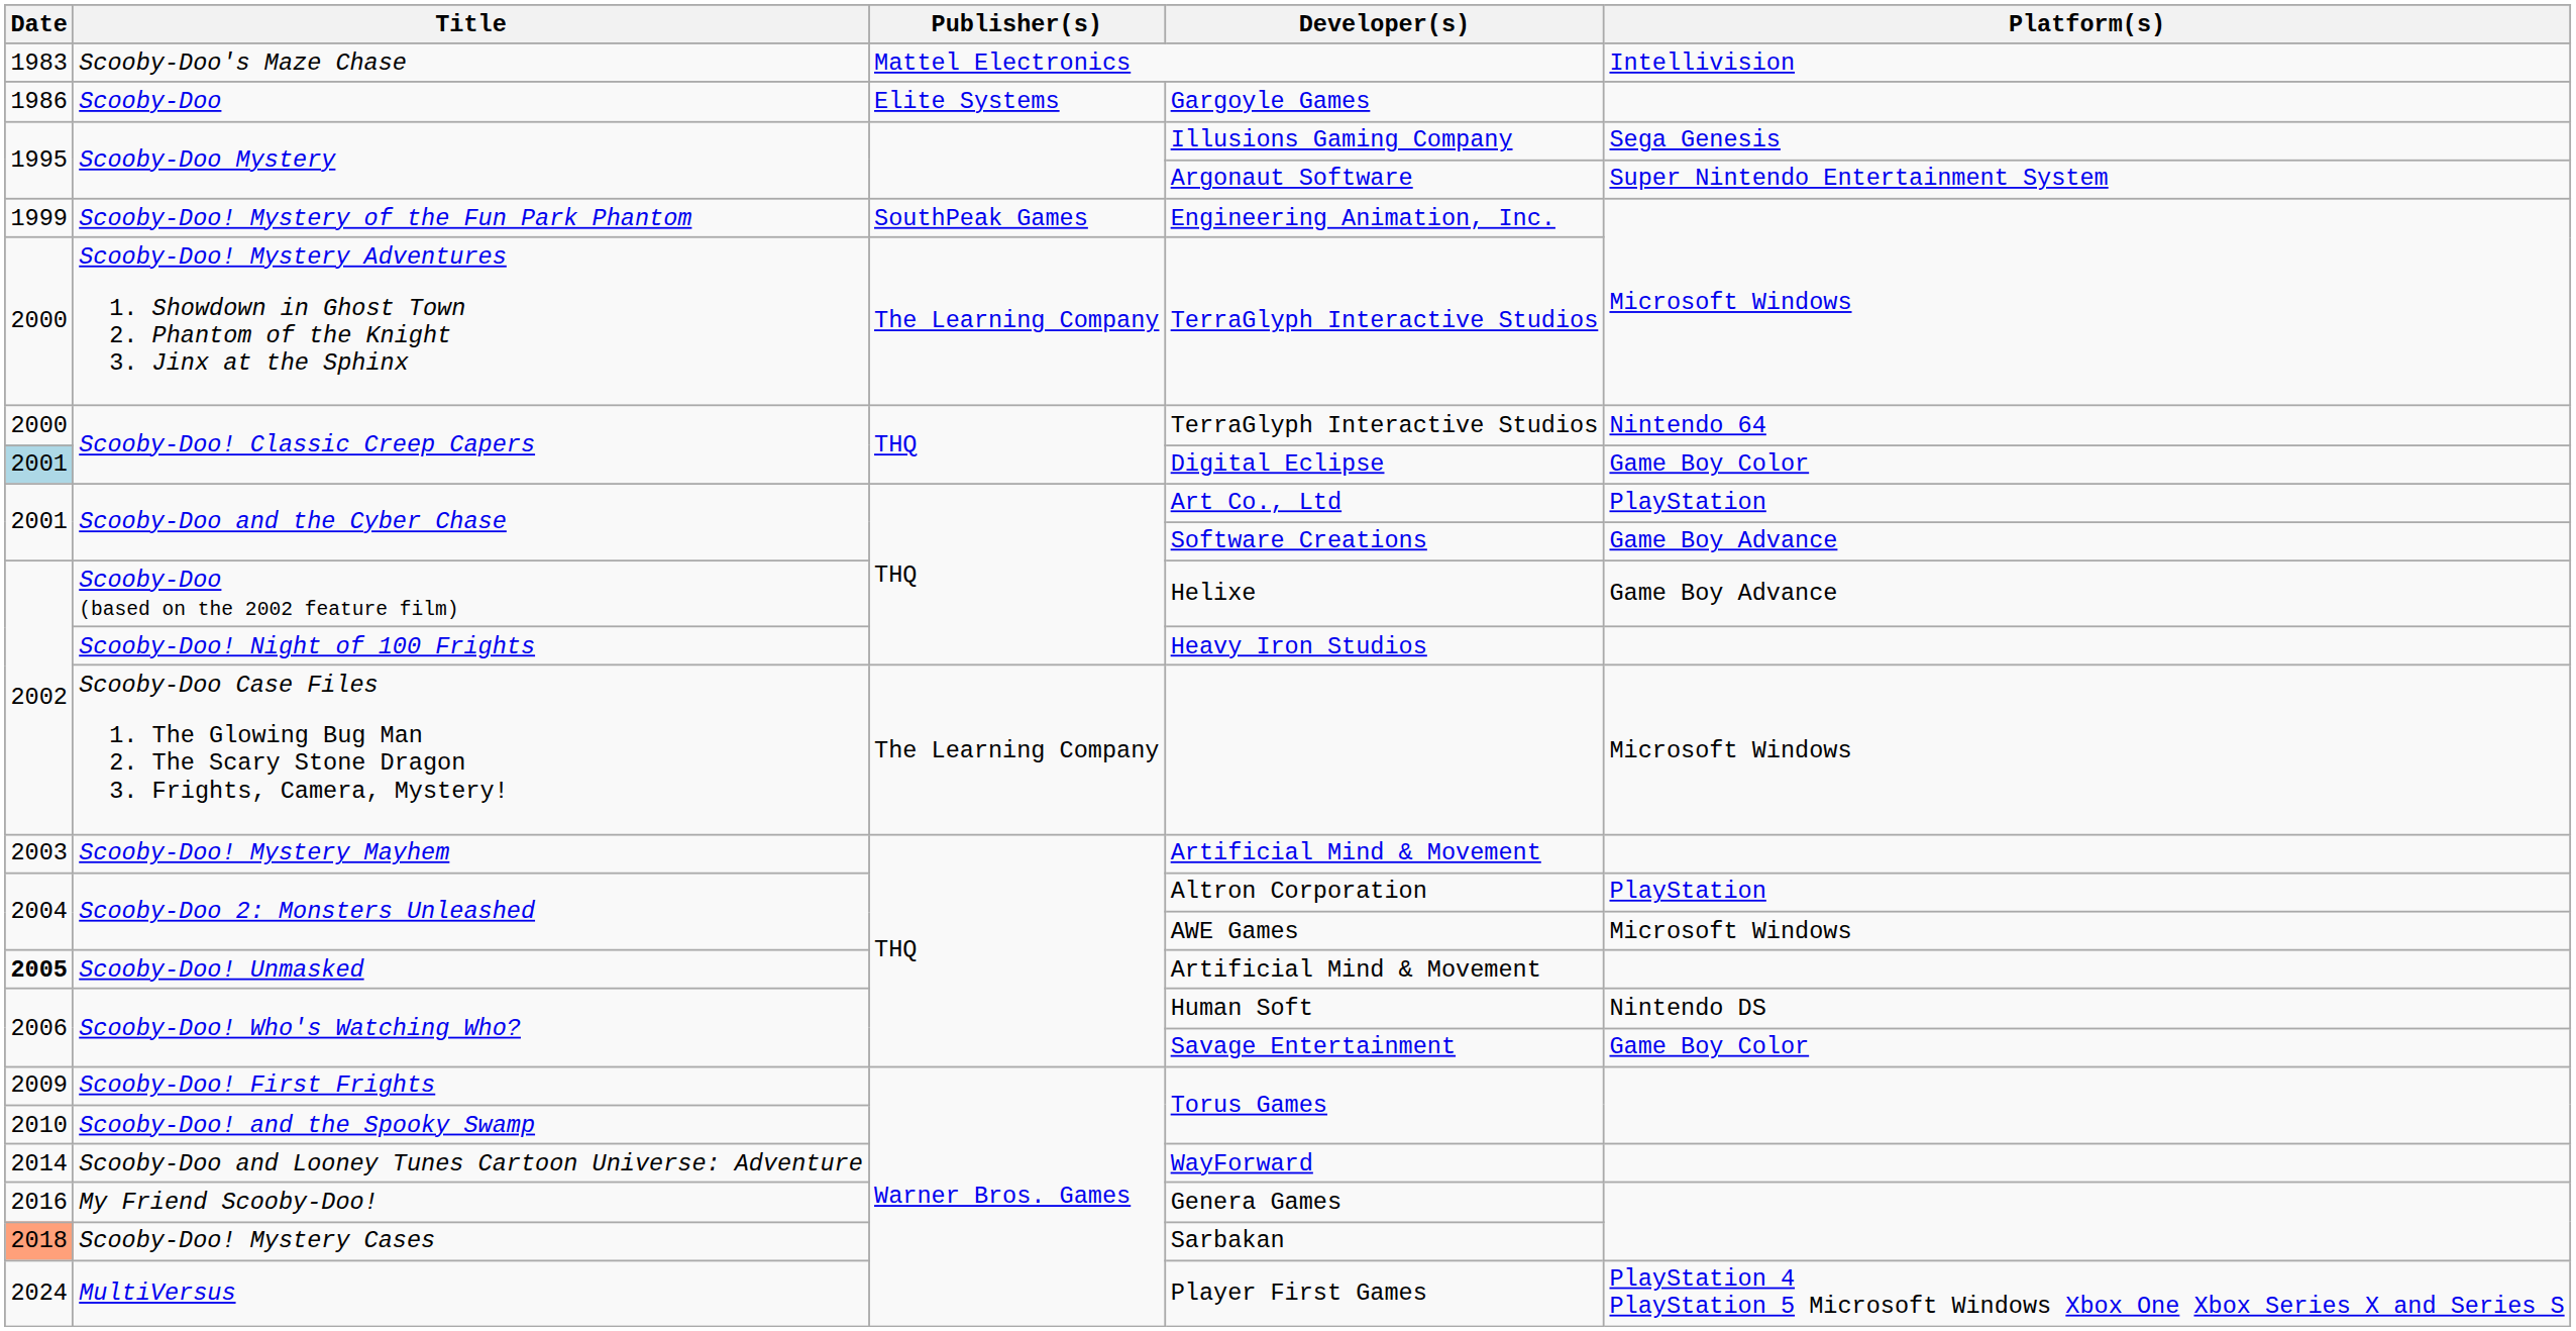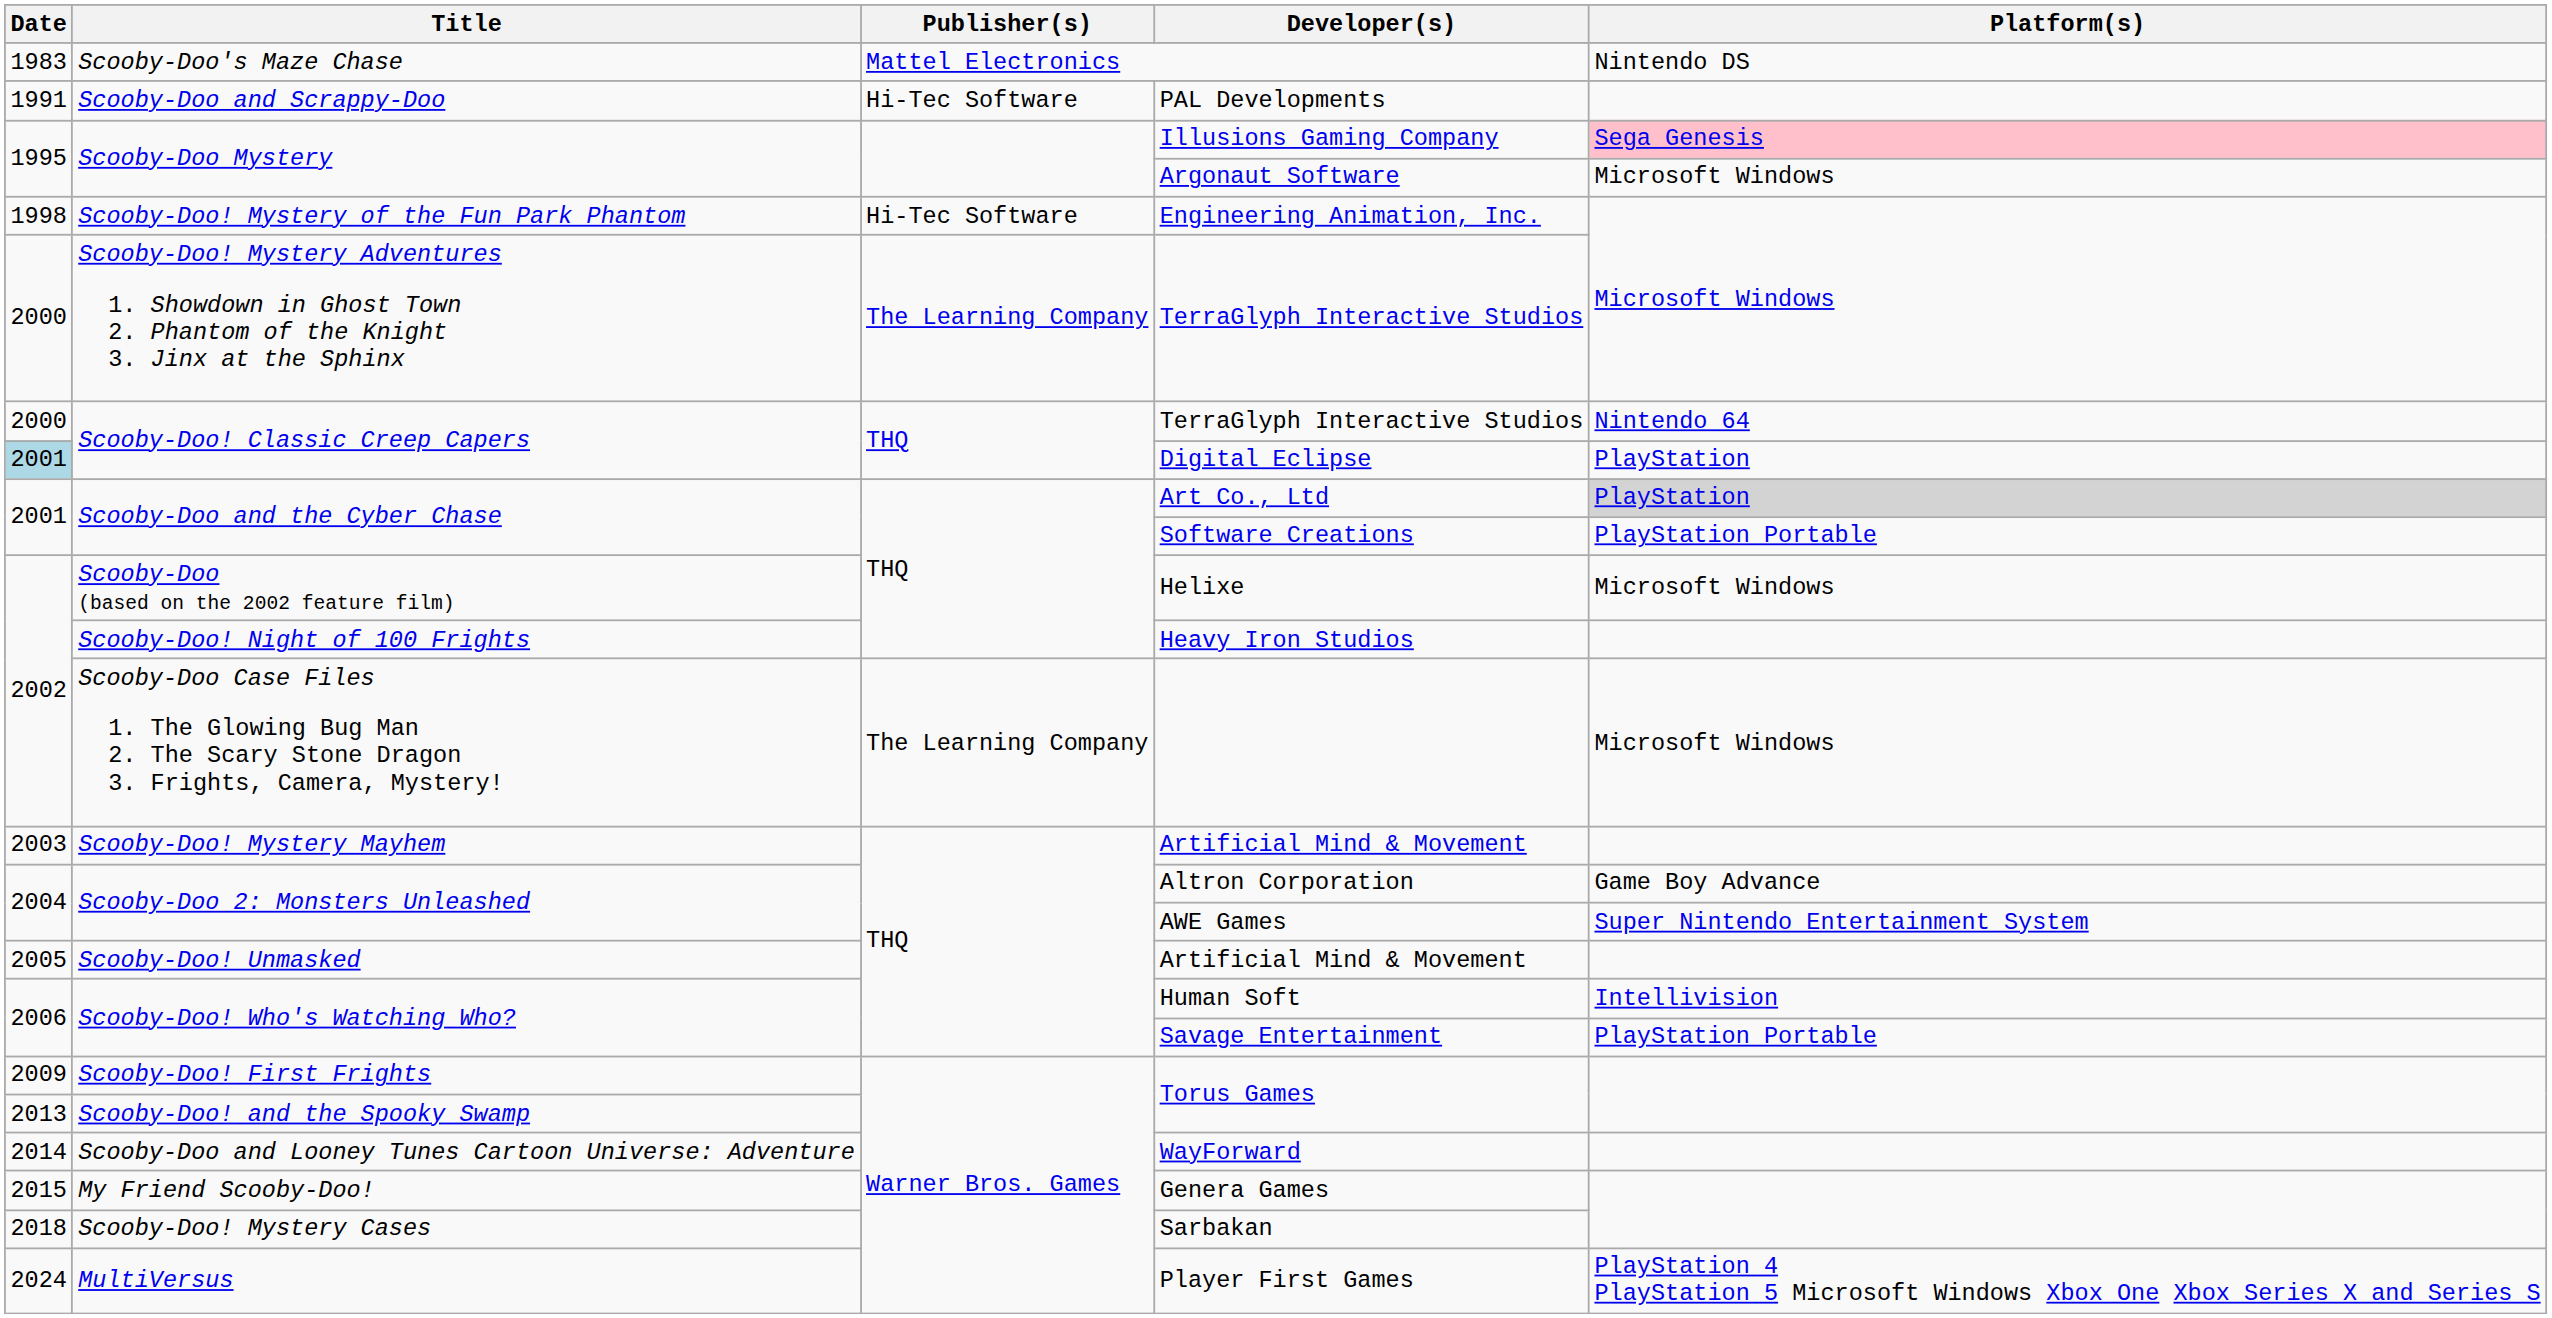 <table class="wikitable sortable">
 <tr>
 <th>Date</th>
 <th>Title</th>
 <th>Publisher(s)</th>
 <th>Developer(s)</th>
 <th>Platform(s)</th>
 </tr>
 <tr>
 <td>1983</td>
 <td><em>Scooby-Doo's Maze Chase</em></td>
 <td colspan="2"><a href='#'>Mattel Electronics</a></td>
-<td><a href='#'>Intellivision</a></td>
+<td>Nintendo DS</td>
 </tr>
 <tr>
-<td>1986</td>
-<td><em><a href='#'>Scooby-Doo</a></em></td>
-<td><a href='#'>Elite Systems</a></td>
-<td><a href='#'>Gargoyle Games</a></td>
+<td>1991</td>
+<td><em><a href='#'>Scooby-Doo and Scrappy-Doo</a></em></td>
+<td>Hi-Tec Software</td>
+<td>PAL Developments</td>
 <td></td>
 </tr>
 <tr>
 <td rowspan="2">1995</td>
 <td rowspan="2"><em><a href='#'>Scooby-Doo Mystery</a></em></td>
 <td rowspan="2"></td>
 <td><a href='#'>Illusions Gaming Company</a></td>
-<td><a href='#'>Sega Genesis</a></td>
+<td style="background: pink;"><a href='#'>Sega Genesis</a></td>
 </tr>
 <tr>
 <td><a href='#'>Argonaut Software</a></td>
-<td><a href='#'>Super Nintendo Entertainment System</a></td>
+<td>Microsoft Windows</td>
 </tr>
 <tr>
-<td>1999</td>
+<td>1998</td>
 <td><em><a href='#'>Scooby-Doo! Mystery of the Fun Park Phantom</a></em></td>
-<td><a href='#'>SouthPeak Games</a></td>
+<td>Hi-Tec Software</td>
 <td><a href='#'>Engineering Animation, Inc.</a></td>
 <td rowspan="2"><a href='#'>Microsoft Windows</a></td>
 </tr>
 <tr>
 <td>2000</td>
 <td><em><a href='#'>Scooby-Doo! Mystery Adventures</a></em><br><ol><li><em>Showdown in Ghost Town</em></li><li><em>Phantom of the Knight</em></li><li><em>Jinx at the Sphinx</em></li></ol></td>
 <td><a href='#'>The Learning Company</a></td>
 <td><a href='#'>TerraGlyph Interactive Studios</a></td>
 </tr>
 <tr>
 <td>2000</td>
 <td rowspan="2"><em><a href='#'>Scooby-Doo! Classic Creep Capers</a></em></td>
 <td rowspan="2"><a href='#'>THQ</a></td>
 <td>TerraGlyph Interactive Studios</td>
 <td><a href='#'>Nintendo 64</a></td>
 </tr>
 <tr>
 <td style="background: lightblue;">2001</td>
 <td><a href='#'>Digital Eclipse</a></td>
-<td><a href='#'>Game Boy Color</a></td>
+<td><a href='#'>PlayStation</a></td>
 </tr>
 <tr>
 <td rowspan="2">2001</td>
 <td rowspan="2"><em><a href='#'>Scooby-Doo and the Cyber Chase</a></em></td>
 <td rowspan="4">THQ</td>
 <td><a href='#'>Art Co., Ltd</a></td>
-<td><a href='#'>PlayStation</a></td>
+<td style="background: lightgrey;"><a href='#'>PlayStation</a></td>
 </tr>
 <tr>
 <td><a href='#'>Software Creations</a></td>
-<td><a href='#'>Game Boy Advance</a></td>
+<td><a href='#'>PlayStation Portable</a></td>
 </tr>
 <tr>
 <td rowspan="3">2002</td>
 <td><em><a href='#'>Scooby-Doo</a></em><br><small>(based on the 2002 feature film)</small></td>
 <td>Helixe</td>
-<td>Game Boy Advance</td>
+<td>Microsoft Windows</td>
 </tr>
 <tr>
 <td><em><a href='#'>Scooby-Doo! Night of 100 Frights</a></em></td>
 <td><a href='#'>Heavy Iron Studios</a></td>
 <td></td>
 </tr>
 <tr>
 <td><em>Scooby-Doo Case Files</em><br><ol><li>The Glowing Bug Man</li><li>The Scary Stone Dragon</li><li>Frights, Camera, Mystery!</li></ol></td>
 <td>The Learning Company</td>
 <td></td>
 <td>Microsoft Windows</td>
 </tr>
 <tr>
 <td>2003</td>
 <td><em><a href='#'>Scooby-Doo! Mystery Mayhem</a></em></td>
 <td rowspan="6">THQ</td>
 <td><a href='#'>Artificial Mind & Movement</a></td>
 <td></td>
 </tr>
 <tr>
 <td rowspan="2">2004</td>
 <td rowspan="2"><em><a href='#'>Scooby-Doo 2: Monsters Unleashed</a></em></td>
 <td>Altron Corporation</td>
-<td><a href='#'>PlayStation</a></td>
+<td>Game Boy Advance</td>
 </tr>
 <tr>
 <td>AWE Games</td>
-<td>Microsoft Windows</td>
+<td><a href='#'>Super Nintendo Entertainment System</a></td>
 </tr>
 <tr>
-<td><strong>2005</strong></td>
+<td>2005</td>
 <td><em><a href='#'>Scooby-Doo! Unmasked</a></em></td>
 <td>Artificial Mind & Movement</td>
 <td></td>
 </tr>
 <tr>
 <td rowspan="2">2006</td>
 <td rowspan="2"><em><a href='#'>Scooby-Doo! Who's Watching Who?</a></em></td>
 <td>Human Soft</td>
-<td>Nintendo DS</td>
+<td><a href='#'>Intellivision</a></td>
 </tr>
 <tr>
 <td><a href='#'>Savage Entertainment</a></td>
-<td><a href='#'>Game Boy Color</a></td>
+<td><a href='#'>PlayStation Portable</a></td>
 </tr>
 <tr>
 <td>2009</td>
 <td><em><a href='#'>Scooby-Doo! First Frights</a></em></td>
 <td rowspan="6"><a href='#'>Warner Bros. Games</a></td>
 <td rowspan="2"><a href='#'>Torus Games</a></td>
 <td rowspan="2"></td>
 </tr>
 <tr>
-<td>2010</td>
+<td>2013</td>
 <td><em><a href='#'>Scooby-Doo! and the Spooky Swamp</a></em></td>
 </tr>
 <tr>
 <td>2014</td>
 <td><em>Scooby-Doo and Looney Tunes Cartoon Universe: Adventure</em></td>
 <td><a href='#'>WayForward</a></td>
 <td></td>
 </tr>
 <tr>
-<td>2016</td>
+<td>2015</td>
 <td><em>My Friend Scooby-Doo!</em></td>
 <td>Genera Games</td>
 <td rowspan="2"></td>
 </tr>
 <tr>
-<td style="background: lightsalmon;">2018</td>
+<td>2018</td>
 <td><em>Scooby-Doo! Mystery Cases</em></td>
 <td>Sarbakan</td>
 </tr>
 <tr>
 <td>2024</td>
 <td><em><a href='#'>MultiVersus</a></em></td>
 <td>Player First Games</td>
 <td><a href='#'>PlayStation 4</a><br><a href='#'>PlayStation 5</a> Microsoft Windows <a href='#'>Xbox One</a> <a href='#'>Xbox Series X and Series S</a></td>
 </tr>
 </table>
